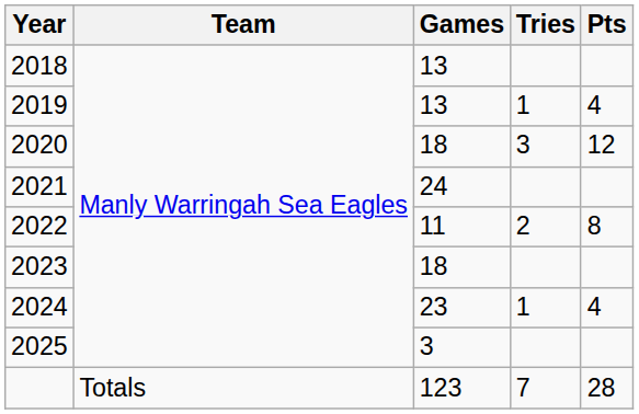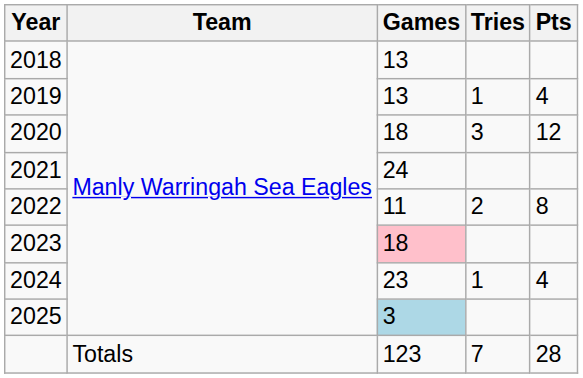 <table class="wikitable">
 <tr>
 <th>Year</th>
 <th>Team</th>
 <th>Games</th>
 <th>Tries</th>
 <th>Pts</th>
 </tr>
 <tr>
 <td>2018</td>
 <td rowspan="8"> <a href='#'>Manly Warringah Sea Eagles</a></td>
 <td>13</td>
 <td></td>
 <td></td>
 </tr>
 <tr>
 <td>2019</td>
 <td>13</td>
 <td>1</td>
 <td>4</td>
 </tr>
 <tr>
 <td>2020</td>
 <td>18</td>
 <td>3</td>
 <td>12</td>
 </tr>
 <tr>
 <td>2021</td>
 <td>24</td>
 <td></td>
 <td></td>
 </tr>
 <tr>
 <td>2022</td>
 <td>11</td>
 <td>2</td>
 <td>8</td>
 </tr>
 <tr>
 <td>2023</td>
-<td>18</td>
+<td style="background: pink;">18</td>
 <td></td>
 <td></td>
 </tr>
 <tr>
 <td>2024</td>
 <td>23</td>
 <td>1</td>
 <td>4</td>
 </tr>
 <tr>
 <td>2025</td>
-<td>3</td>
+<td style="background: lightblue;">3</td>
 <td></td>
 <td></td>
 </tr>
 <tr>
 <td></td>
 <td>Totals</td>
 <td>123</td>
 <td>7</td>
 <td>28</td>
 </tr>
 </table>
